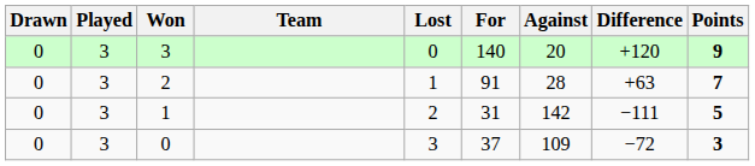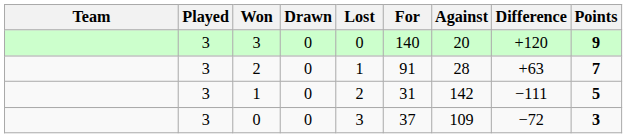 <table class="wikitable">
 <tr>
-<th width=40>Drawn</th>
+<th width=165>Team</th>
 <th width=40>Played</th>
 <th width=40>Won</th>
-<th width=165>Team</th>
+<th width=40>Drawn</th>
 <th width=40>Lost</th>
 <th width=40>For</th>
 <th width=40>Against</th>
 <th width=40>Difference</th>
 <th width=40>Points</th>
 </tr>
 <tr bgcolor=#ccffcc align=center>
-<td>0</td>
+<td align=left></td>
 <td>3</td>
 <td>3</td>
-<td align=left></td>
+<td>0</td>
 <td>0</td>
 <td>140</td>
 <td>20</td>
 <td>+120</td>
 <td><strong>9</strong></td>
 </tr>
 <tr align=center>
-<td>0</td>
+<td align=left></td>
 <td>3</td>
 <td>2</td>
-<td align=left></td>
+<td>0</td>
 <td>1</td>
 <td>91</td>
 <td>28</td>
 <td>+63</td>
 <td><strong>7</strong></td>
 </tr>
 <tr align=center>
-<td>0</td>
+<td align=left></td>
 <td>3</td>
 <td>1</td>
-<td align=left></td>
+<td>0</td>
 <td>2</td>
 <td>31</td>
 <td>142</td>
 <td>−111</td>
 <td><strong>5</strong></td>
 </tr>
 <tr align=center>
-<td>0</td>
+<td align=left></td>
 <td>3</td>
 <td>0</td>
-<td align=left></td>
+<td>0</td>
 <td>3</td>
 <td>37</td>
 <td>109</td>
 <td>−72</td>
 <td><strong>3</strong></td>
 </tr>
 </table>
